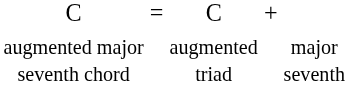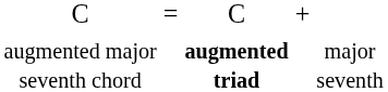 <table style="text-align: center;">
 <tr>
 <td>C</td>
 <td>=</td>
 <td>C</td>
 <td>+</td>
 <td></td>
 </tr>
 <tr>
 <td><small>augmented major<br>seventh chord</small></td>
 <td></td>
-<td><small>augmented<br>triad</small></td>
+<td><strong><small>augmented<br>triad</small></strong></td>
 <td></td>
 <td><small>major<br>seventh</small></td>
 </tr>
 </table>
